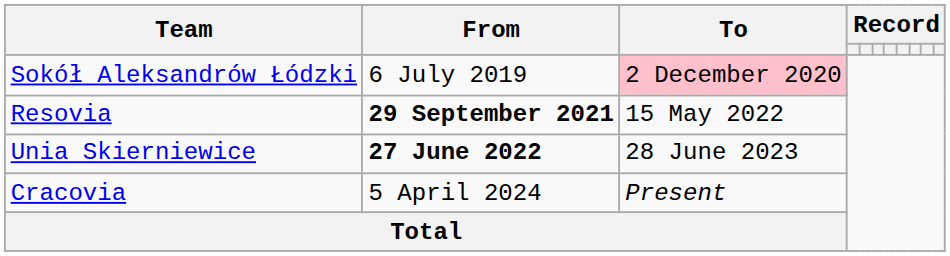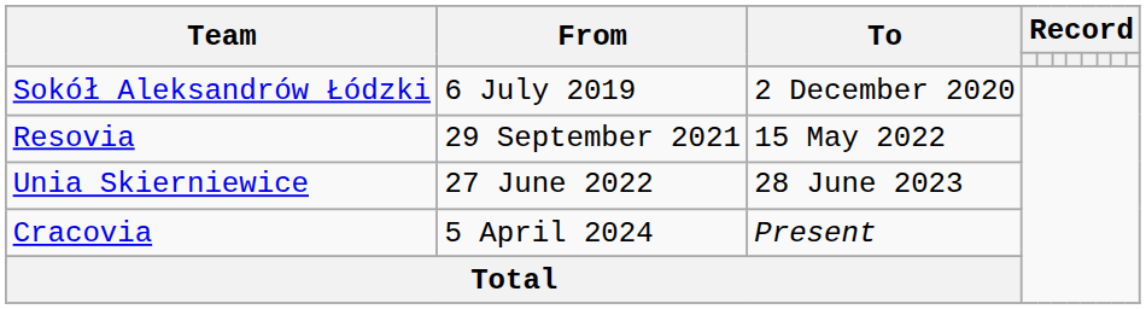 <table class="wikitable" style="text-align: center;">
 <tr>
 <th rowspan="2">Team</th>
 <th rowspan="2">From</th>
 <th rowspan="2">To</th>
 <th colspan="8">Record</th>
 </tr>
 <tr>
 <th></th>
 <th></th>
 <th></th>
 <th></th>
 <th></th>
 <th></th>
 <th></th>
 <th></th>
 </tr>
 <tr>
 <td align=left><a href='#'>Sokół Aleksandrów Łódzki</a></td>
 <td align=left>6 July 2019</td>
-<td align=left style="background: pink;">2 December 2020<br></td>
+<td align=left>2 December 2020<br></td>
 </tr>
 <tr>
 <td align=left><a href='#'>Resovia</a></td>
-<td align=left><strong>29 September 2021</strong></td>
+<td align=left>29 September 2021</td>
 <td align=left>15 May 2022<br></td>
 </tr>
 <tr>
 <td align=left><a href='#'>Unia Skierniewice</a></td>
-<td align=left><strong>27 June 2022</strong></td>
+<td align=left>27 June 2022</td>
 <td align=left>28 June 2023<br></td>
 </tr>
 <tr>
 <td align=left><a href='#'>Cracovia</a></td>
 <td align=left>5 April 2024</td>
 <td align=left><em>Present</em><br></td>
 </tr>
 <tr>
 <th colspan="3">Total<br></th>
 </tr>
 </table>
